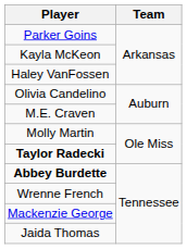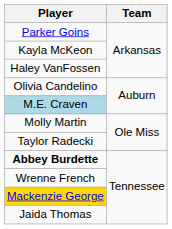 <table class="wikitable" style="text-align:center">
 <tr>
 <th>Player</th>
 <th>Team</th>
 </tr>
 <tr>
 <td><a href='#'>Parker Goins</a></td>
 <td rowspan=3>Arkansas</td>
 </tr>
 <tr>
 <td>Kayla McKeon</td>
 </tr>
 <tr>
 <td>Haley VanFossen</td>
 </tr>
 <tr>
 <td>Olivia Candelino</td>
 <td rowspan=2>Auburn</td>
 </tr>
 <tr>
-<td>M.E. Craven</td>
+<td style="background: lightblue;">M.E. Craven</td>
 </tr>
 <tr>
 <td>Molly Martin</td>
 <td rowspan=2>Ole Miss</td>
 </tr>
 <tr>
-<td><strong>Taylor Radecki</strong></td>
+<td>Taylor Radecki</td>
 </tr>
 <tr>
 <td><strong>Abbey Burdette</strong></td>
 <td rowspan=4>Tennessee</td>
 </tr>
 <tr>
 <td>Wrenne French</td>
 </tr>
 <tr>
-<td><a href='#'>Mackenzie George</a></td>
+<td style="background: gold;"><a href='#'>Mackenzie George</a></td>
 </tr>
 <tr>
 <td>Jaida Thomas</td>
 </tr>
 </table>
